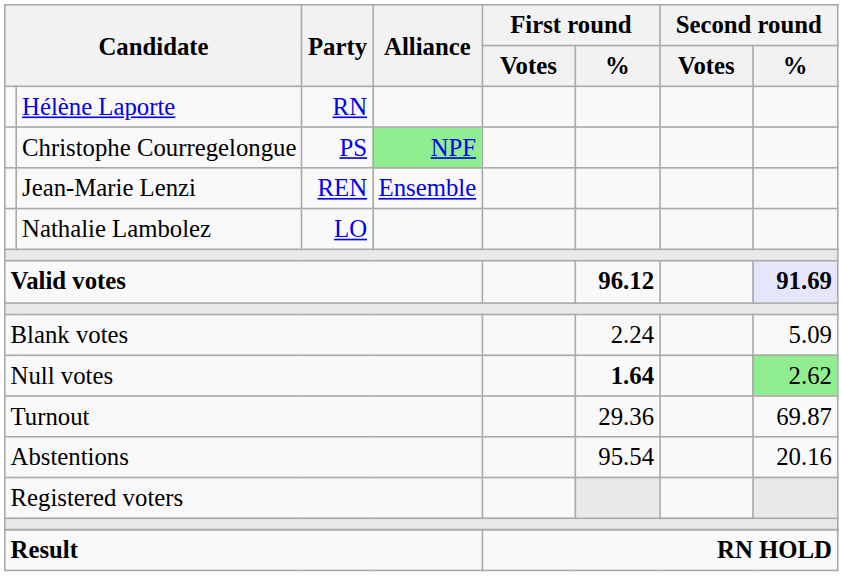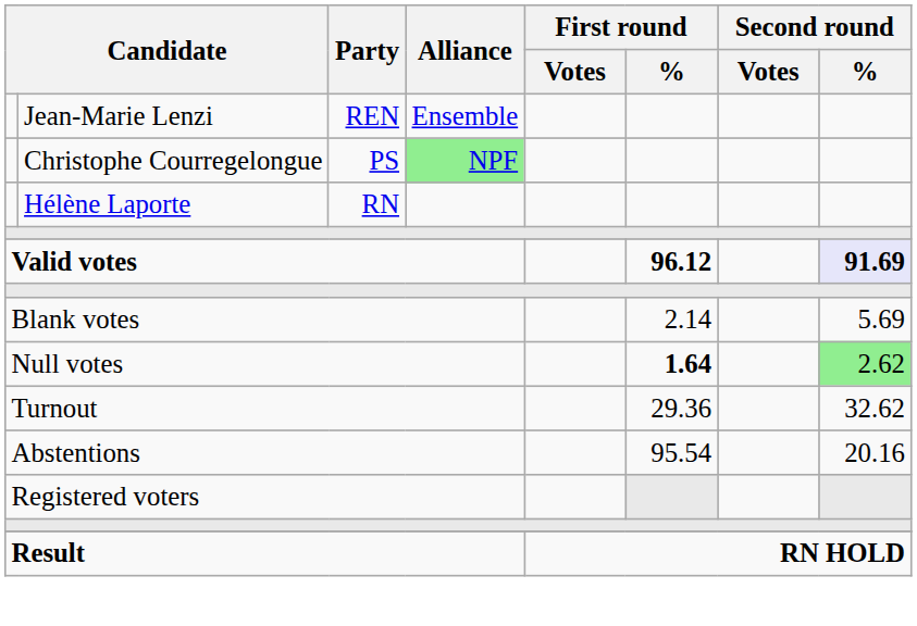 <table class="wikitable" style="text-align:right;font-size:95%;">
 <tr>
 <th colspan="2" rowspan="2">Candidate</th>
 <th colspan="1" rowspan="2">Party</th>
 <th colspan="1" rowspan="2">Alliance</th>
 <th colspan="2">First round</th>
 <th colspan="2">Second round</th>
 </tr>
 <tr>
 <th style="width:50px;">Votes</th>
 <th style="width:45px;">%</th>
 <th style="width:50px;">Votes</th>
 <th style="width:45px;">%</th>
 </tr>
 <tr>
 <td style="color:inherit;background:"></td>
-<td style="text-align:left;"><a href='#'>Hélène Laporte</a></td>
-<td><a href='#'>RN</a></td>
+<td style="text-align:left;">Jean-Marie Lenzi</td>
+<td><a href='#'>REN</a></td>
+<td><a href='#'>Ensemble</a></td>
 <td></td>
 <td></td>
 <td></td>
-<td><strong></strong></td>
-<td><strong></strong></td>
+<td></td>
 </tr>
 <tr>
 <td style="color:inherit;background:"></td>
 <td style="text-align:left;">Christophe Courregelongue</td>
 <td><a href='#'>PS</a></td>
 <td style="background: lightgreen;"><a href='#'>NPF</a></td>
 <td></td>
 <td></td>
 <td></td>
 <td></td>
 </tr>
 <tr>
 <td style="color:inherit;background:"></td>
-<td style="text-align:left;">Jean-Marie Lenzi</td>
-<td><a href='#'>REN</a></td>
-<td><a href='#'>Ensemble</a></td>
+<td style="text-align:left;"><a href='#'>Hélène Laporte</a></td>
+<td><a href='#'>RN</a></td>
 <td></td>
 <td></td>
 <td></td>
-<td></td>
-</tr>
-<tr>
-<td style="color:inherit;background:"></td>
-<td style="text-align:left;">Nathalie Lambolez</td>
-<td><a href='#'>LO</a></td>
-<td></td>
-<td></td>
-<td></td>
-<td></td>
-<td></td>
+<td><strong></strong></td>
+<td><strong></strong></td>
 </tr>
 <tr>
 <td colspan="8" style="background:#E9E9E9;"></td>
 </tr>
 <tr style="font-weight:bold;">
 <td colspan="4" style="text-align:left;">Valid votes</td>
 <td></td>
 <td>96.12</td>
 <td></td>
 <td style="background: lavender;">91.69</td>
 </tr>
 <tr>
 <td colspan="8" style="background:#E9E9E9;"></td>
 </tr>
 <tr>
 <td colspan="4" style="text-align:left;">Blank votes</td>
 <td></td>
-<td>2.24</td>
+<td>2.14</td>
 <td></td>
-<td>5.09</td>
+<td>5.69</td>
 </tr>
 <tr>
 <td colspan="4" style="text-align:left;">Null votes</td>
 <td></td>
 <td><strong>1.64</strong></td>
 <td></td>
 <td style="background: lightgreen;">2.62</td>
 </tr>
 <tr>
 <td colspan="4" style="text-align:left;">Turnout</td>
 <td></td>
 <td>29.36</td>
 <td></td>
-<td>69.87</td>
+<td>32.62</td>
 </tr>
 <tr>
 <td colspan="4" style="text-align:left;">Abstentions</td>
 <td></td>
 <td>95.54</td>
 <td></td>
 <td>20.16</td>
 </tr>
 <tr>
 <td colspan="4" style="text-align:left;">Registered voters</td>
 <td></td>
 <td style="background:#E9E9E9;"></td>
 <td></td>
 <td style="background:#E9E9E9;"></td>
 </tr>
 <tr>
 <td colspan="8" style="background:#E9E9E9;"></td>
 </tr>
 <tr>
 </tr>
 <tr style="font-weight:bold">
 <td colspan="4" style="text-align:left;">Result</td>
 <td colspan="4" style="background-color:">RN HOLD</td>
 </tr>
 </table>
